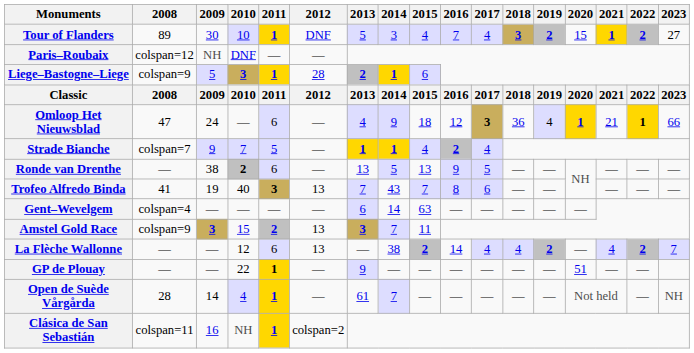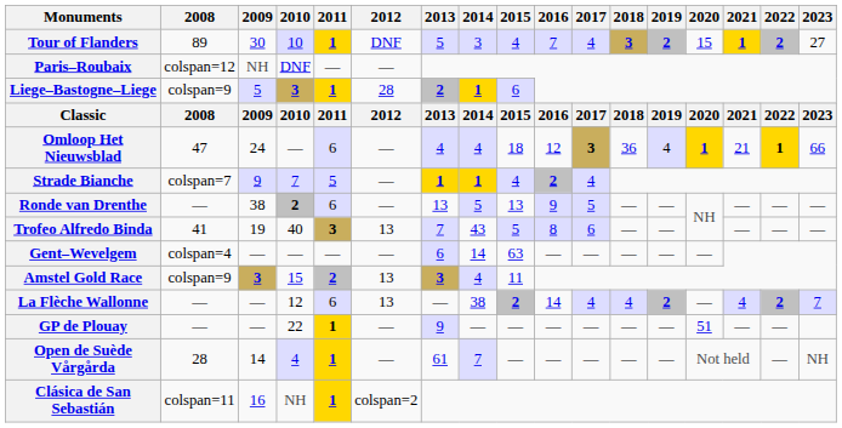 <table class="wikitable plainrowheaders">
 <tr>
 <th>Monuments</th>
 <th>2008</th>
 <th>2009</th>
 <th>2010</th>
 <th>2011</th>
 <th>2012</th>
 <th>2013</th>
 <th>2014</th>
 <th>2015</th>
 <th>2016</th>
 <th>2017</th>
 <th>2018</th>
 <th>2019</th>
 <th>2020</th>
 <th>2021</th>
 <th>2022</th>
 <th>2023</th>
 </tr>
 <tr style="text-align:center;">
 <th scope="row"><a href='#'>Tour of Flanders</a></th>
 <td>89</td>
 <td><a href='#'>30</a></td>
 <td style="background:#ddf;"><a href='#'>10</a></td>
 <td style="background:gold;"><a href='#'><strong>1</strong></a></td>
 <td><a href='#'>DNF</a></td>
 <td style="background:#ddf;"><a href='#'>5</a></td>
 <td style="background:#ddf;"><a href='#'>3</a></td>
 <td style="background:#ddf;"><a href='#'>4</a></td>
 <td style="background:#ddf;"><a href='#'>7</a></td>
 <td style="background:#ddf;"><a href='#'>4</a></td>
 <td style="background:#C9AE5D;"><a href='#'><strong>3</strong></a></td>
 <td style="background:silver;"><a href='#'><strong>2</strong></a></td>
 <td><a href='#'>15</a></td>
 <td style="background:gold;"><a href='#'><strong>1</strong></a></td>
 <td style="background:silver;"><a href='#'><strong>2</strong></a></td>
 <td>27</td>
 </tr>
 <tr style="text-align:center;">
 <th scope="row"><a href='#'>Paris–Roubaix</a></th>
 <td>colspan=12 </td>
 <td style="color:#4d4d4d;">NH</td>
 <td><a href='#'>DNF</a></td>
 <td>—</td>
 <td>—</td>
 </tr>
 <tr style="text-align:center;">
 <th scope="row"><a href='#'>Liege–Bastogne–Liege</a></th>
 <td>colspan=9 </td>
 <td style="background:#ddf;"><a href='#'>5</a></td>
 <th style="background:#C9AE5D;"><a href='#'>3</a></th>
 <th style="background:gold;"><a href='#'>1</a></th>
 <td><a href='#'>28</a></td>
 <th style="background:silver;"><a href='#'>2</a></th>
 <th style="background:gold;"><a href='#'>1</a></th>
 <td style="background:#ddf;"><a href='#'>6</a></td>
 </tr>
 <tr>
 <th>Classic</th>
 <th>2008</th>
 <th>2009</th>
 <th>2010</th>
 <th>2011</th>
 <th>2012</th>
 <th>2013</th>
 <th>2014</th>
 <th>2015</th>
 <th>2016</th>
 <th>2017</th>
 <th>2018</th>
 <th>2019</th>
 <th>2020</th>
 <th>2021</th>
 <th>2022</th>
 <th>2023</th>
 </tr>
 <tr style="text-align:center;">
 <th scope="row"><a href='#'>Omloop Het Nieuwsblad</a></th>
 <td>47</td>
 <td>24</td>
 <td>—</td>
 <td style="background:#ddf;">6</td>
 <td>—</td>
 <td style="background:#ddf;"><a href='#'>4</a></td>
-<td style="background:#ddf;"><a href='#'>9</a></td>
+<td style="background:#ddf;"><a href='#'>4</a></td>
 <td><a href='#'>18</a></td>
 <td><a href='#'>12</a></td>
 <th style="background:#C9AE5D;">3</th>
 <td><a href='#'>36</a></td>
 <td style="background:#ddf;">4</td>
 <th style="background:gold;"><a href='#'>1</a></th>
 <td><a href='#'>21</a></td>
 <th style="background:gold;">1</th>
 <td><a href='#'>66</a></td>
 </tr>
 <tr style="text-align:center;">
 <th scope="row"><a href='#'>Strade Bianche</a></th>
 <td>colspan=7 </td>
 <td style="background:#ddf;"><a href='#'>9</a></td>
 <td style="background:#ddf;"><a href='#'>7</a></td>
 <td style="background:#ddf;"><a href='#'>5</a></td>
 <td>—</td>
 <th style="background:gold;"><a href='#'>1</a></th>
 <th style="background:gold;"><a href='#'>1</a></th>
 <td style="background:#ddf;"><a href='#'>4</a></td>
 <th style="background:silver;"><a href='#'>2</a></th>
 <td style="background:#ddf;"><a href='#'>4</a></td>
 </tr>
 <tr style="text-align:center;">
 <th scope="row"><a href='#'>Ronde van Drenthe</a></th>
 <td>—</td>
 <td>38</td>
 <th style="background:silver;">2</th>
 <td style="background:#ddf;">6</td>
 <td>—</td>
 <td><a href='#'>13</a></td>
 <td style="background:#ddf;"><a href='#'>5</a></td>
 <td><a href='#'>13</a></td>
 <td style="background:#ddf;"><a href='#'>9</a></td>
 <td style="background:#ddf;"><a href='#'>5</a></td>
 <td>—</td>
 <td>—</td>
 <td style="color:#4d4d4d;" rowspan=2>NH</td>
 <td>—</td>
 <td>—</td>
 <td>—</td>
 </tr>
 <tr style="text-align:center;">
 <th scope="row"><a href='#'>Trofeo Alfredo Binda</a></th>
 <td>41</td>
 <td>19</td>
 <td>40</td>
 <td style="background:#C9AE5D;"><strong>3</strong></td>
 <td>13</td>
 <td style="background:#ddf;"><a href='#'>7</a></td>
 <td><a href='#'>43</a></td>
-<td style="background:#ddf;"><a href='#'>7</a></td>
+<td style="background:#ddf;"><a href='#'>5</a></td>
 <td style="background:#ddf;"><a href='#'>8</a></td>
 <td style="background:#ddf;"><a href='#'>6</a></td>
 <td>—</td>
 <td>—</td>
 <td>—</td>
 <td>—</td>
 <td>—</td>
 </tr>
 <tr style="text-align:center;">
 <th scope="row"><a href='#'>Gent–Wevelgem</a></th>
 <td>colspan=4 </td>
 <td>—</td>
 <td>—</td>
 <td>—</td>
 <td>—</td>
 <td style="background:#ddf;"><a href='#'>6</a></td>
 <td><a href='#'>14</a></td>
 <td><a href='#'>63</a></td>
 <td>—</td>
 <td>—</td>
 <td>—</td>
 <td>—</td>
 <td>—</td>
 </tr>
 <tr style="text-align:center;">
 <th scope="row"><a href='#'>Amstel Gold Race</a></th>
 <td>colspan=9 </td>
 <th style="background:#C9AE5D;"><a href='#'>3</a></th>
 <td><a href='#'>15</a></td>
 <th style="background:silver;"><a href='#'>2</a></th>
 <td>13</td>
 <th style="background:#C9AE5D;"><a href='#'>3</a></th>
-<td style="background:#ddf;"><a href='#'>7</a></td>
+<td style="background:#ddf;"><a href='#'>4</a></td>
 <td><a href='#'>11</a></td>
 </tr>
 <tr style="text-align:center;">
 <th scope="row"><a href='#'>La Flèche Wallonne</a></th>
 <td>—</td>
 <td>—</td>
 <td>12</td>
 <td style="background:#ddf;">6</td>
 <td>13</td>
 <td>—</td>
 <td><a href='#'>38</a></td>
 <th style="background:silver;"><a href='#'>2</a></th>
 <td><a href='#'>14</a></td>
 <td style="background:#ddf;"><a href='#'>4</a></td>
 <td style="background:#ddf;"><a href='#'>4</a></td>
 <th style="background:silver;"><a href='#'>2</a></th>
 <td>—</td>
 <td style="background:#ddf;"><a href='#'>4</a></td>
 <th style="background:silver;"><a href='#'>2</a></th>
 <td style="background:#ddf;"><a href='#'>7</a></td>
 </tr>
 <tr style="text-align:center;">
 <th scope="row"><a href='#'>GP de Plouay</a></th>
 <td>—</td>
 <td>—</td>
 <td>22</td>
 <th style="background:gold;">1</th>
 <td>—</td>
 <td style="background:#ddf;"><a href='#'>9</a></td>
 <td>—</td>
 <td>—</td>
 <td>—</td>
 <td>—</td>
 <td>—</td>
 <td>—</td>
 <td><a href='#'>51</a></td>
 <td>—</td>
 <td>—</td>
 <td></td>
 </tr>
 <tr style="text-align:center;">
 <th scope="row"><a href='#'>Open de Suède Vårgårda</a></th>
 <td>28</td>
 <td>14</td>
 <td style="background:#ddf;"><a href='#'>4</a></td>
 <th style="background:gold;"><a href='#'>1</a></th>
 <td>—</td>
 <td><a href='#'>61</a></td>
 <td style="background:#ddf;"><a href='#'>7</a></td>
 <td>—</td>
 <td>—</td>
 <td>—</td>
 <td>—</td>
 <td>—</td>
 <td style="color:#4d4d4d;" colspan=2>Not held</td>
 <td>—</td>
 <td style="color:#4d4d4d;">NH</td>
 </tr>
 <tr style="text-align:center;">
 <th scope="row"><a href='#'>Clásica de San Sebastián</a></th>
 <td>colspan=11 </td>
 <td><a href='#'>16</a></td>
 <td style="color:#4d4d4d;">NH</td>
 <th style="background:gold;"><a href='#'>1</a></th>
 <td>colspan=2 </td>
 </tr>
 </table>
